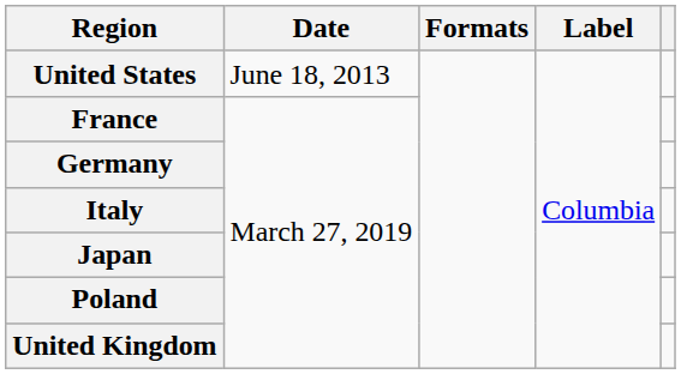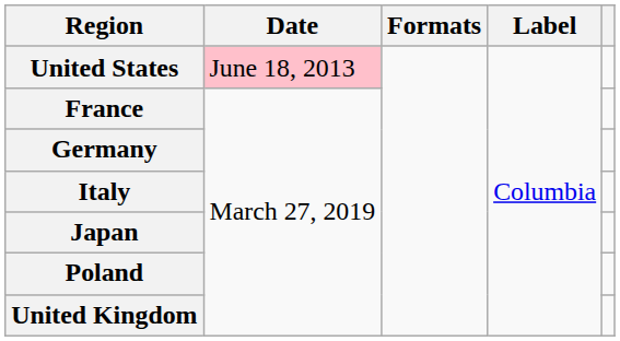 <table class="wikitable plainrowheaders">
 <tr>
 <th scope="col">Region</th>
 <th scope="col">Date</th>
 <th scope="col">Formats</th>
 <th scope="col">Label</th>
 <th scope="col"></th>
 </tr>
 <tr>
 <th scope="row">United States</th>
-<td>June 18, 2013</td>
+<td style="background: pink;">June 18, 2013</td>
 <td rowspan="7"></td>
 <td rowspan="7"><a href='#'>Columbia</a></td>
 <td style="text-align:center;"></td>
 </tr>
 <tr>
 <th scope="row">France</th>
 <td rowspan="6">March 27, 2019</td>
 <td style="text-align:center;"></td>
 </tr>
 <tr>
 <th scope="row">Germany</th>
 <td style="text-align:center;"></td>
 </tr>
 <tr>
 <th scope="row">Italy</th>
 <td style="text-align:center;"></td>
 </tr>
 <tr>
 <th scope="row">Japan</th>
 <td style="text-align:center;"></td>
 </tr>
 <tr>
 <th scope="row">Poland</th>
 <td style="text-align:center;"></td>
 </tr>
 <tr>
 <th scope="row">United Kingdom</th>
 <td style="text-align:center;"></td>
 </tr>
 </table>
